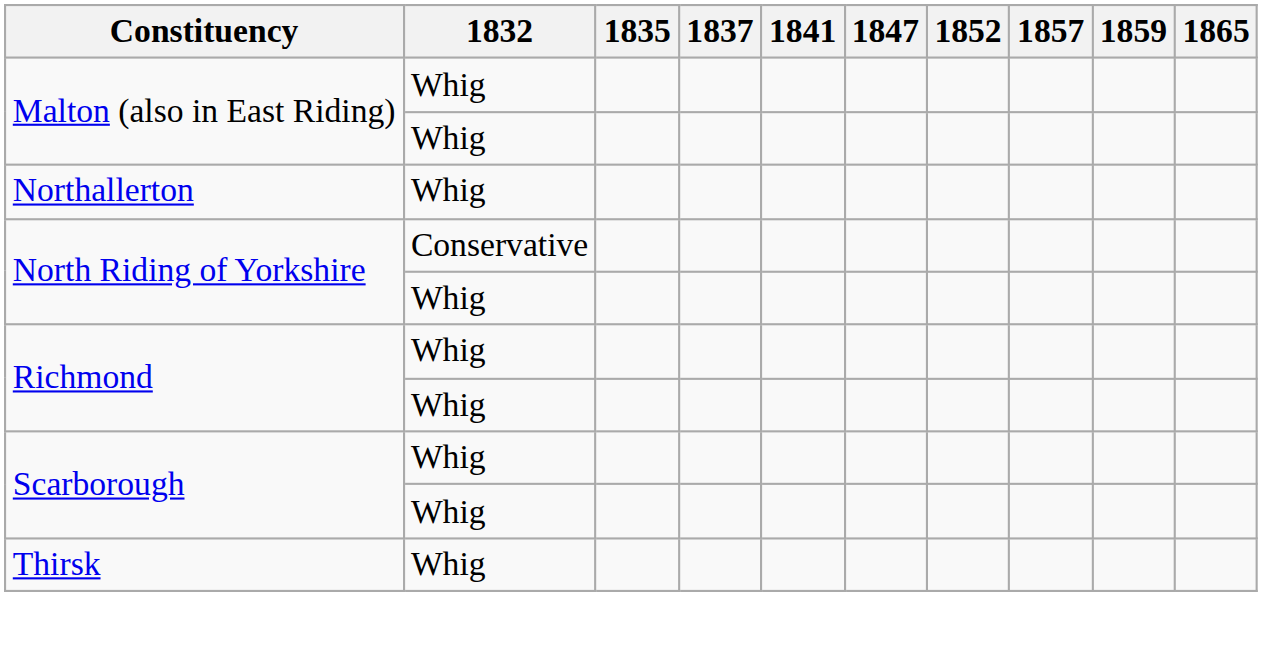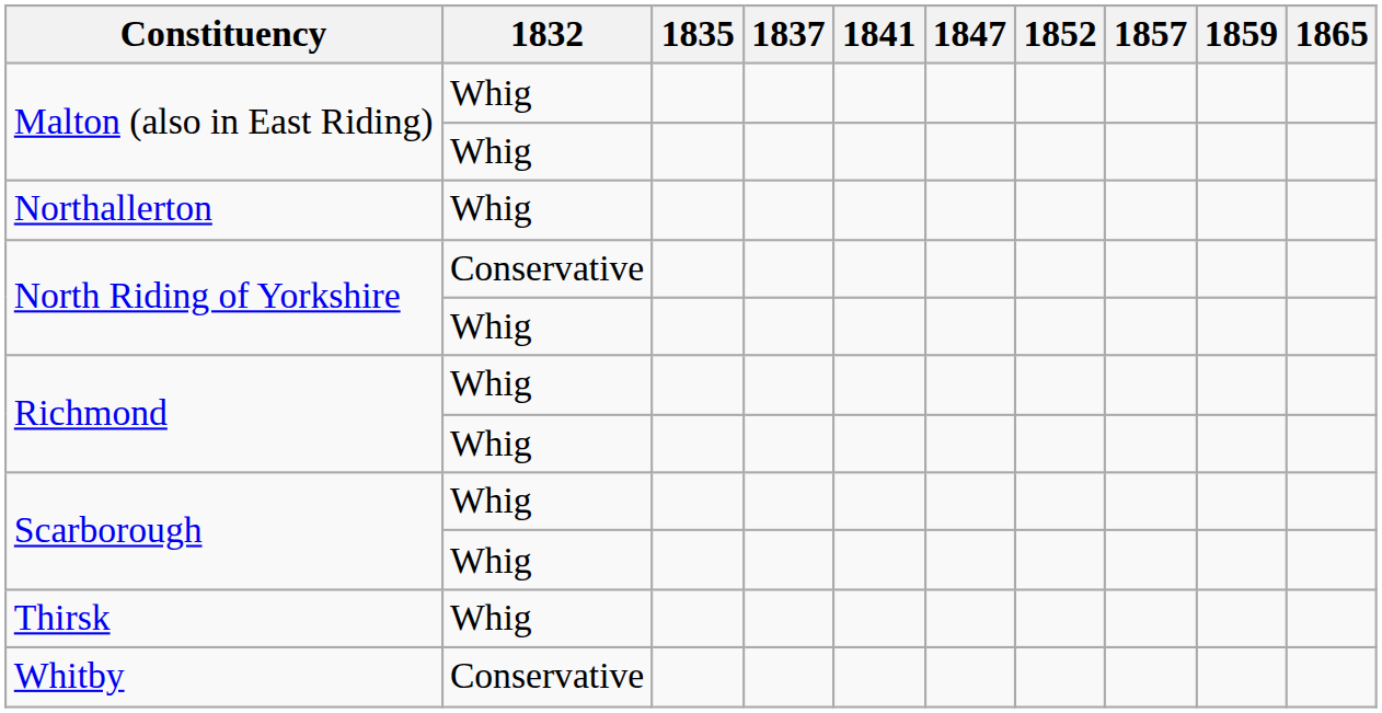 <table class=wikitable sortable>
 <tr>
 <th>Constituency</th>
 <th>1832</th>
 <th>1835</th>
 <th>1837</th>
 <th>1841</th>
 <th>1847</th>
 <th>1852</th>
 <th>1857</th>
 <th>1859</th>
 <th>1865</th>
 </tr>
 <tr>
 <td rowspan=2><a href='#'>Malton</a> (also in East Riding)</td>
 <td bgcolor=>Whig</td>
 <td></td>
 <td></td>
 <td></td>
 <td></td>
 <td></td>
 <td></td>
 <td></td>
 <td></td>
 </tr>
 <tr>
 <td bgcolor=>Whig</td>
 <td></td>
 <td></td>
 <td></td>
 <td></td>
 <td></td>
 <td></td>
 <td></td>
 <td></td>
 </tr>
 <tr>
 <td><a href='#'>Northallerton</a></td>
 <td>Whig</td>
 <td></td>
 <td></td>
 <td></td>
 <td></td>
 <td></td>
 <td></td>
 <td></td>
 <td></td>
 </tr>
 <tr>
 <td rowspan="2"><a href='#'>North Riding of Yorkshire</a></td>
 <td>Conservative</td>
 <td></td>
 <td></td>
 <td></td>
 <td></td>
 <td></td>
 <td></td>
 <td></td>
 <td></td>
 </tr>
 <tr>
 <td>Whig</td>
 <td></td>
 <td></td>
 <td></td>
 <td></td>
 <td></td>
 <td></td>
 <td></td>
 <td></td>
 </tr>
 <tr>
 <td rowspan="2"><a href='#'>Richmond</a></td>
 <td>Whig</td>
 <td></td>
 <td></td>
 <td></td>
 <td></td>
 <td></td>
 <td></td>
 <td></td>
 <td></td>
 </tr>
 <tr>
 <td bgcolor=>Whig</td>
 <td></td>
 <td></td>
 <td></td>
 <td></td>
 <td></td>
 <td></td>
 <td></td>
 <td></td>
 </tr>
 <tr>
 <td rowspan=2><a href='#'>Scarborough</a></td>
 <td bgcolor=>Whig</td>
 <td></td>
 <td></td>
 <td></td>
 <td></td>
 <td></td>
 <td></td>
 <td></td>
 <td></td>
 </tr>
 <tr>
 <td bgcolor=>Whig</td>
 <td></td>
 <td></td>
 <td></td>
 <td></td>
 <td></td>
 <td></td>
 <td></td>
 <td></td>
 </tr>
 <tr>
 <td><a href='#'>Thirsk</a></td>
 <td bgcolor=>Whig</td>
 <td></td>
 <td></td>
 <td></td>
 <td></td>
 <td></td>
 <td></td>
 <td></td>
 <td></td>
 </tr>
+<tr>
+<td><a href='#'>Whitby</a></td>
+<td bgcolor=>Conservative</td>
+<td></td>
+<td></td>
+<td></td>
+<td></td>
+<td></td>
+<td></td>
+<td></td>
+<td></td>
+</tr>
 </table>
